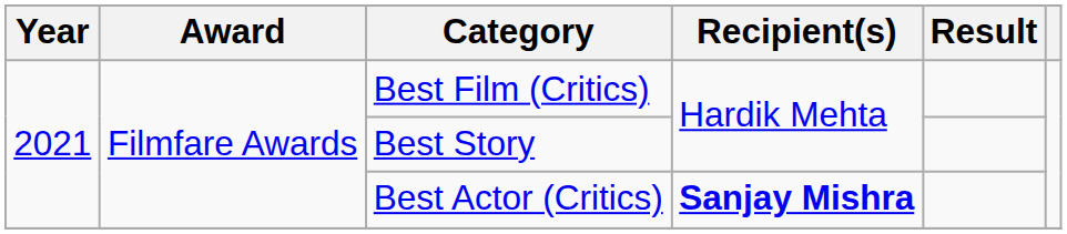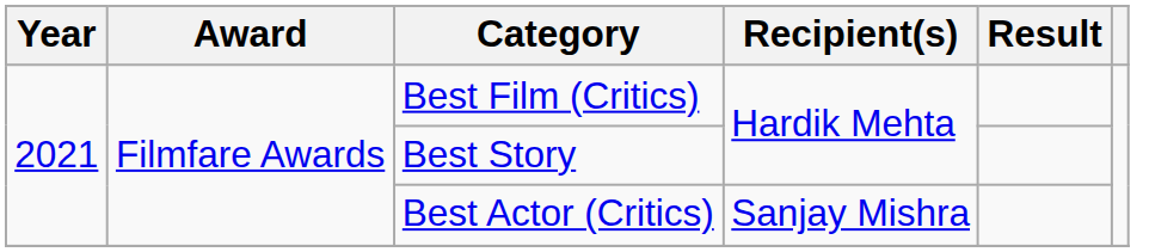 <table class="wikitable plainrowheaders sortable">
 <tr>
 <th>Year</th>
 <th>Award</th>
 <th>Category</th>
 <th>Recipient(s)</th>
 <th>Result</th>
 <th></th>
 </tr>
 <tr>
 <td rowspan="3"><a href='#'>2021</a></td>
 <td rowspan="3"><a href='#'>Filmfare Awards</a></td>
 <td><a href='#'>Best Film (Critics)</a></td>
 <td rowspan="2"><a href='#'>Hardik Mehta</a></td>
 <td></td>
 <td rowspan="3"></td>
 </tr>
 <tr>
 <td><a href='#'>Best Story</a></td>
 <td></td>
 </tr>
 <tr>
 <td><a href='#'>Best Actor (Critics)</a></td>
-<td><strong><a href='#'>Sanjay Mishra</a></strong></td>
+<td><a href='#'>Sanjay Mishra</a></td>
 <td></td>
 </tr>
 <tr>
 </tr>
 </table>
